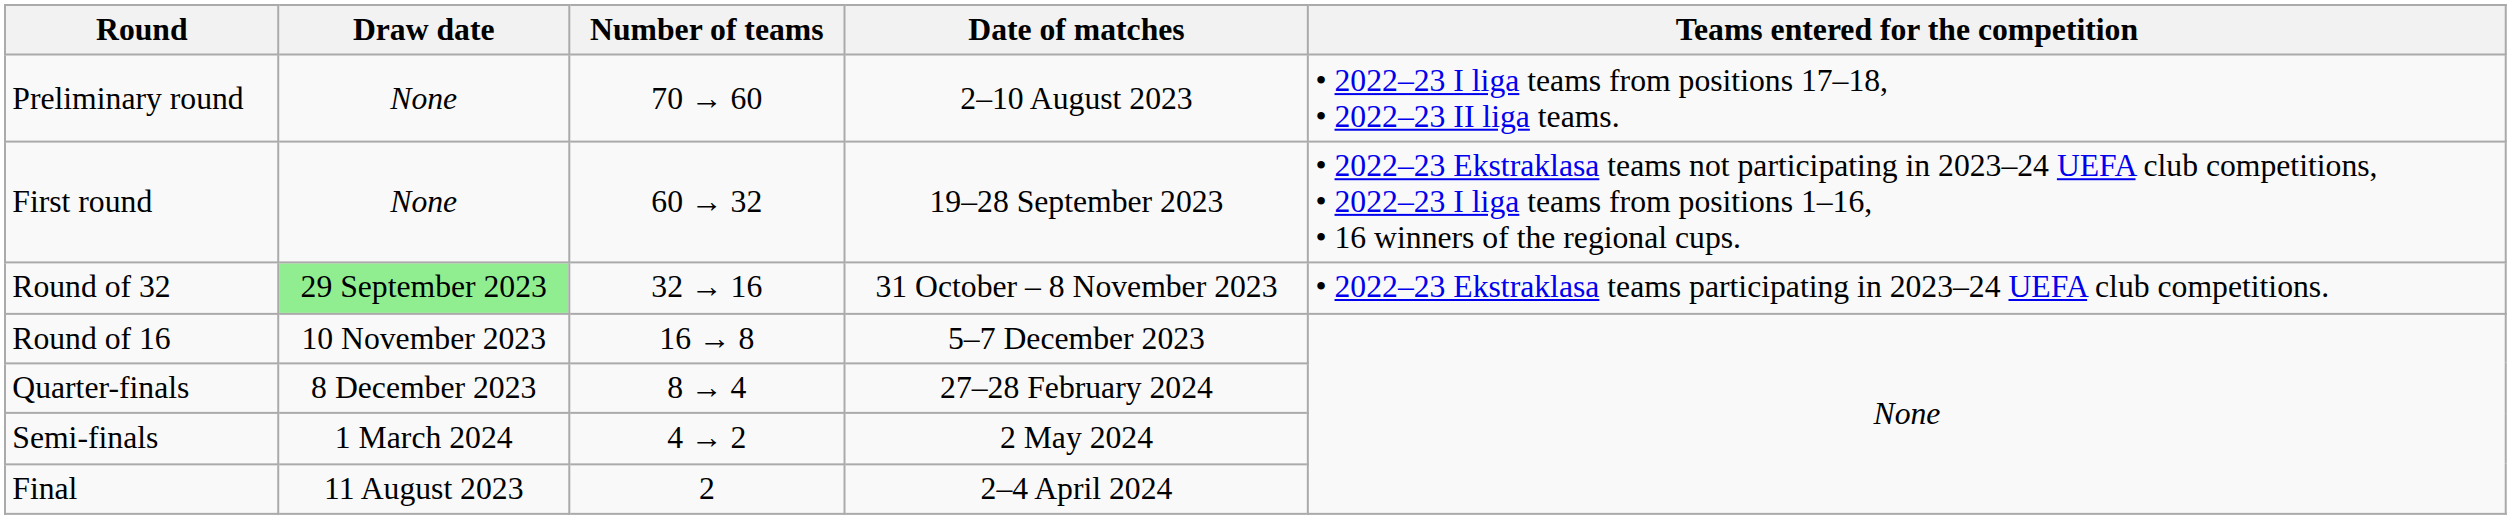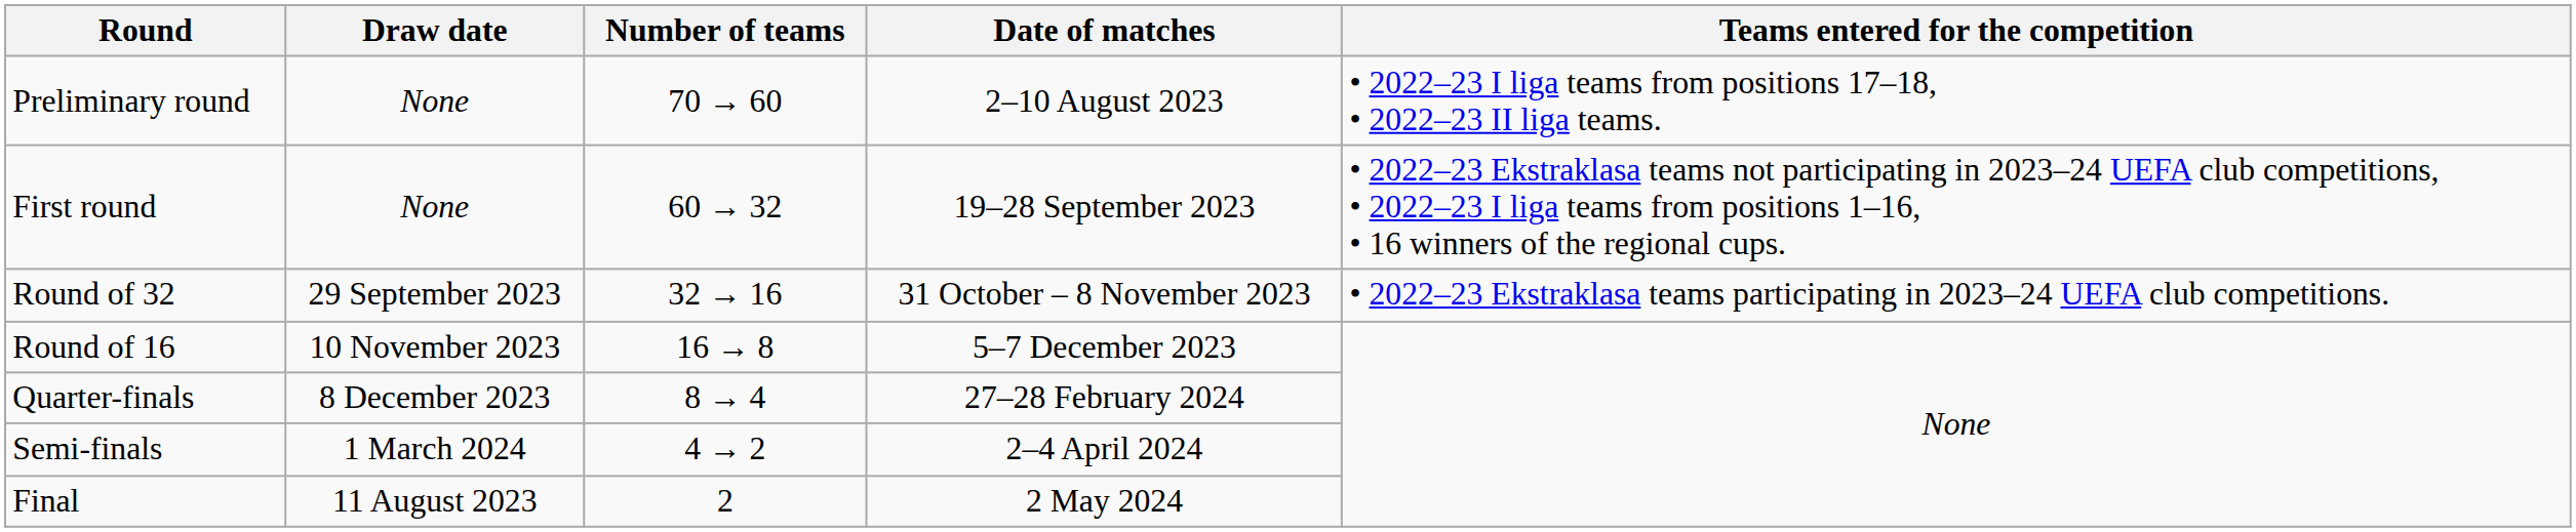 <table class="wikitable" style="width:100%; text–align:right">
 <tr>
 <th>Round</th>
 <th>Draw date</th>
 <th>Number of teams</th>
 <th>Date of matches</th>
 <th>Teams entered for the competition</th>
 </tr>
 <tr>
 <td align="left">Preliminary round</td>
 <td align="center"><em>None</em></td>
 <td align="center">70 → 60</td>
 <td align="center">2–10 August 2023</td>
 <td align="left">• <a href='#'>2022–23 I liga</a> teams from positions 17–18,<br>• <a href='#'>2022–23 II liga</a> teams.</td>
 </tr>
 <tr>
 <td align="left">First round</td>
 <td align="center"><em>None</em></td>
 <td align="center">60 → 32</td>
 <td align="center">19–28 September 2023</td>
 <td align="left">• <a href='#'>2022–23 Ekstraklasa</a> teams not participating in 2023–24 <a href='#'>UEFA</a> club competitions,<br>• <a href='#'>2022–23 I liga</a> teams from positions 1–16,<br>• 16 winners of the regional cups.</td>
 </tr>
 <tr>
 <td align="left">Round of 32</td>
-<td align="center" style="background: lightgreen;">29 September 2023</td>
+<td align="center">29 September 2023</td>
 <td align="center">32 → 16</td>
 <td align="center">31 October – 8 November 2023</td>
 <td align="left">• <a href='#'>2022–23 Ekstraklasa</a> teams participating in 2023–24 <a href='#'>UEFA</a> club competitions.</td>
 </tr>
 <tr>
 <td align="left">Round of 16</td>
 <td align="center">10 November 2023</td>
 <td align="center">16 → 8</td>
 <td align="center">5–7 December 2023</td>
 <td rowspan="4" align="center"><em>None</em></td>
 </tr>
 <tr>
 <td align="left">Quarter-finals</td>
 <td align="center">8 December 2023</td>
 <td align="center">8 → 4</td>
 <td align="center">27–28 February 2024</td>
 </tr>
 <tr>
 <td align="left">Semi-finals</td>
 <td align="center">1 March 2024</td>
 <td align="center">4 → 2</td>
-<td align="center">2 May 2024</td>
+<td align="center">2–4 April 2024</td>
 </tr>
 <tr>
 <td align="left">Final</td>
 <td align="center">11 August 2023</td>
 <td align="center">2</td>
-<td align="center">2–4 April 2024</td>
+<td align="center">2 May 2024</td>
 </tr>
 </table>
